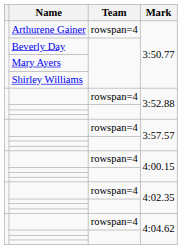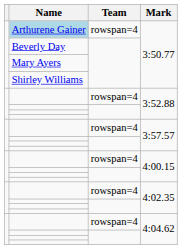 <table class=wikitable>
 <tr>
 <th></th>
 <th>Name</th>
 <th>Team</th>
 <th>Mark</th>
 </tr>
 <tr>
 <td rowspan=4></td>
-<td><a href='#'>Arthurene Gainer</a></td>
+<td style="background: lightblue;"><a href='#'>Arthurene Gainer</a></td>
 <td>rowspan=4 </td>
 <td rowspan=4>3:50.77</td>
 </tr>
 <tr>
 <td><a href='#'>Beverly Day</a></td>
 </tr>
 <tr>
 <td><a href='#'>Mary Ayers</a></td>
 </tr>
 <tr>
 <td><a href='#'>Shirley Williams</a></td>
 </tr>
 <tr>
 <td rowspan=4></td>
 <td></td>
 <td>rowspan=4 </td>
 <td rowspan=4>3:52.88</td>
 </tr>
 <tr>
 <td></td>
 </tr>
 <tr>
 <td></td>
 </tr>
 <tr>
 <td></td>
 </tr>
 <tr>
 <td rowspan=4></td>
 <td></td>
 <td>rowspan=4 </td>
 <td rowspan=4>3:57.57</td>
 </tr>
 <tr>
 <td></td>
 </tr>
 <tr>
 <td></td>
 </tr>
 <tr>
 <td></td>
 </tr>
 <tr>
 <td rowspan=4></td>
 <td></td>
 <td>rowspan=4 </td>
 <td rowspan=4>4:00.15</td>
 </tr>
 <tr>
 <td></td>
 </tr>
 <tr>
 <td></td>
 </tr>
 <tr>
 <td></td>
 </tr>
 <tr>
 <td rowspan=4></td>
 <td></td>
 <td>rowspan=4 </td>
 <td rowspan=4>4:02.35</td>
 </tr>
 <tr>
 <td></td>
 </tr>
 <tr>
 <td></td>
 </tr>
 <tr>
 <td></td>
 </tr>
 <tr>
 <td rowspan=4></td>
 <td></td>
 <td>rowspan=4 </td>
 <td rowspan=4>4:04.62</td>
 </tr>
 <tr>
 <td></td>
 </tr>
 <tr>
 <td></td>
 </tr>
 <tr>
 <td></td>
 </tr>
 </table>
